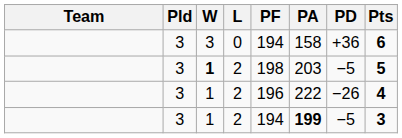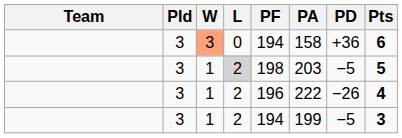 <table class=wikitable>
 <tr align=center>
 </tr>
 <tr>
 <th width=150>Team</th>
 <th width=20>Pld</th>
 <th width=20>W</th>
 <th width=20>L</th>
 <th width=30>PF</th>
 <th width=30>PA</th>
 <th width=30>PD</th>
 <th width=20>Pts</th>
 </tr>
 <tr align=center>
 <td align=left></td>
 <td>3</td>
-<td>3</td>
+<td style="background: lightsalmon;">3</td>
 <td>0</td>
 <td>194</td>
 <td>158</td>
 <td>+36</td>
 <td><strong>6</strong></td>
 </tr>
 <tr align=center>
 <td align=left></td>
 <td>3</td>
-<td><strong>1</strong></td>
-<td>2</td>
+<td>1</td>
+<td style="background: lightgrey;">2</td>
 <td>198</td>
 <td>203</td>
 <td>−5</td>
 <td><strong>5</strong></td>
 </tr>
 <tr align=center>
 <td align=left></td>
 <td>3</td>
 <td>1</td>
 <td>2</td>
 <td>196</td>
 <td>222</td>
 <td>−26</td>
 <td><strong>4</strong></td>
 </tr>
 <tr align=center>
 <td align=left></td>
 <td>3</td>
 <td>1</td>
 <td>2</td>
 <td>194</td>
-<td><strong>199</strong></td>
+<td>199</td>
 <td>−5</td>
 <td><strong>3</strong></td>
 </tr>
 </table>
